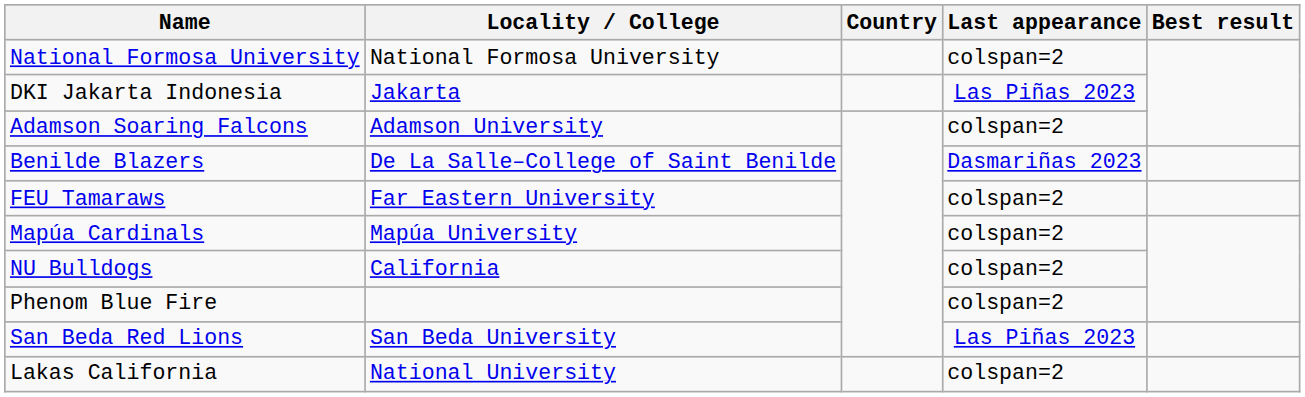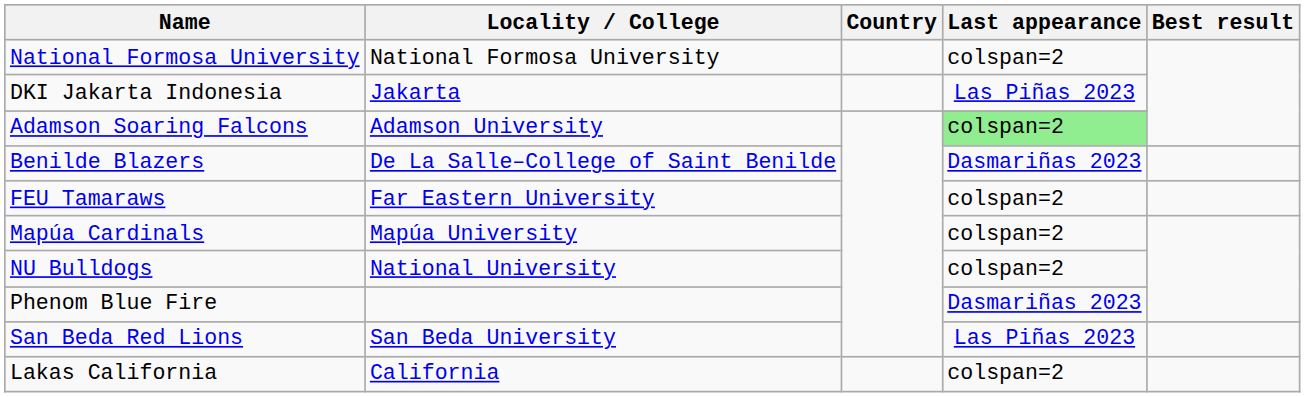 <table class="wikitable sortable">
 <tr>
 <th>Name</th>
 <th>Locality / College</th>
 <th>Country</th>
 <th>Last appearance</th>
 <th>Best result</th>
 </tr>
 <tr>
 <td><a href='#'>National Formosa University</a></td>
 <td>National Formosa University</td>
 <td></td>
 <td>colspan=2 </td>
 </tr>
 <tr>
 <td>DKI Jakarta Indonesia</td>
 <td><a href='#'>Jakarta</a></td>
 <td></td>
 <td align=center><a href='#'>Las Piñas 2023</a></td>
 </tr>
 <tr>
 <td><a href='#'>Adamson Soaring Falcons</a></td>
 <td><a href='#'>Adamson University</a></td>
 <td rowspan=7></td>
-<td>colspan=2 </td>
+<td style="background: lightgreen;">colspan=2 </td>
 </tr>
 <tr>
 <td><a href='#'>Benilde Blazers</a></td>
 <td><a href='#'>De La Salle–College of Saint Benilde</a></td>
 <td align=center><a href='#'>Dasmariñas 2023</a></td>
 <td align=center></td>
 </tr>
 <tr>
 <td><a href='#'>FEU Tamaraws</a></td>
 <td><a href='#'>Far Eastern University</a></td>
 <td>colspan=2 </td>
 <td align=center></td>
 </tr>
 <tr>
 <td><a href='#'>Mapúa Cardinals</a></td>
 <td><a href='#'>Mapúa University</a></td>
 <td>colspan=2 </td>
 </tr>
 <tr>
 <td><a href='#'>NU Bulldogs</a></td>
-<td><a href='#'>California</a></td>
+<td><a href='#'>National University</a></td>
 <td>colspan=2 </td>
 </tr>
 <tr>
 <td>Phenom Blue Fire</td>
 <td></td>
-<td>colspan=2 </td>
+<td align=center><a href='#'>Dasmariñas 2023</a></td>
 </tr>
 <tr>
 <td><a href='#'>San Beda Red Lions</a></td>
 <td><a href='#'>San Beda University</a></td>
 <td align=center><a href='#'>Las Piñas 2023</a></td>
 <td align=center></td>
 </tr>
 <tr>
 <td>Lakas California</td>
-<td><a href='#'>National University</a></td>
+<td><a href='#'>California</a></td>
 <td></td>
 <td>colspan=2 </td>
 </tr>
 </table>
